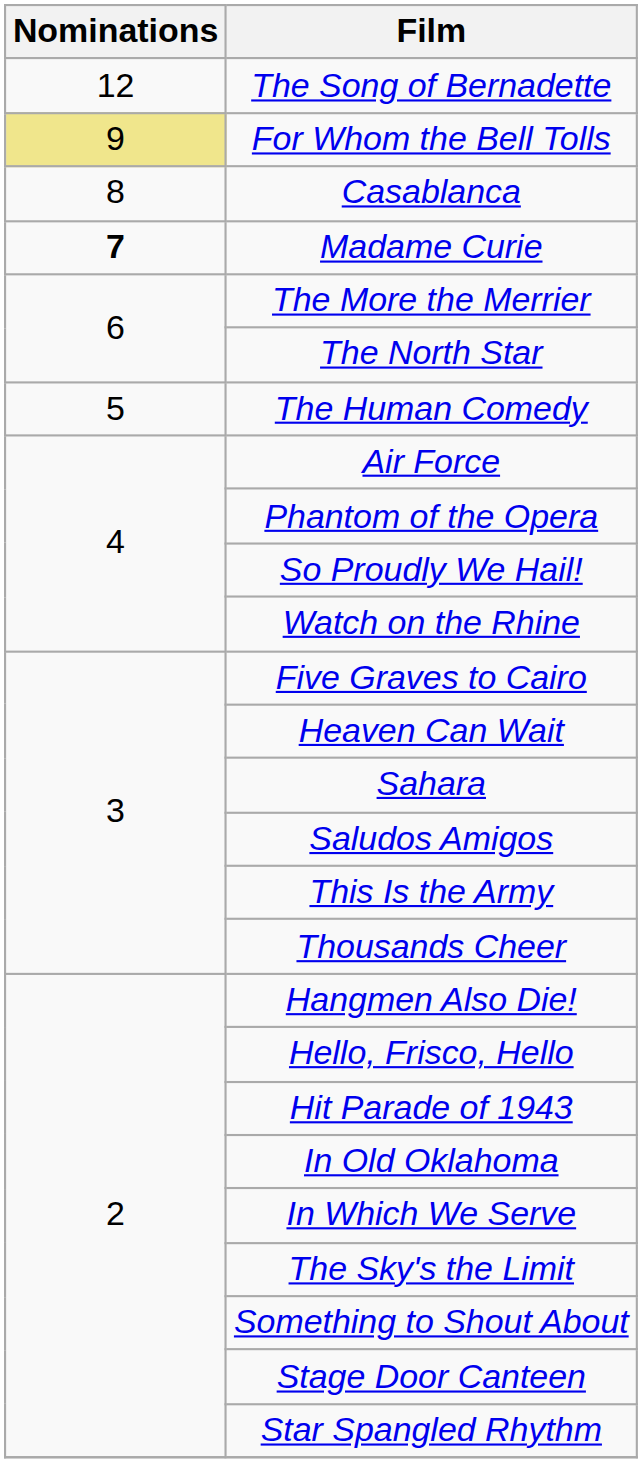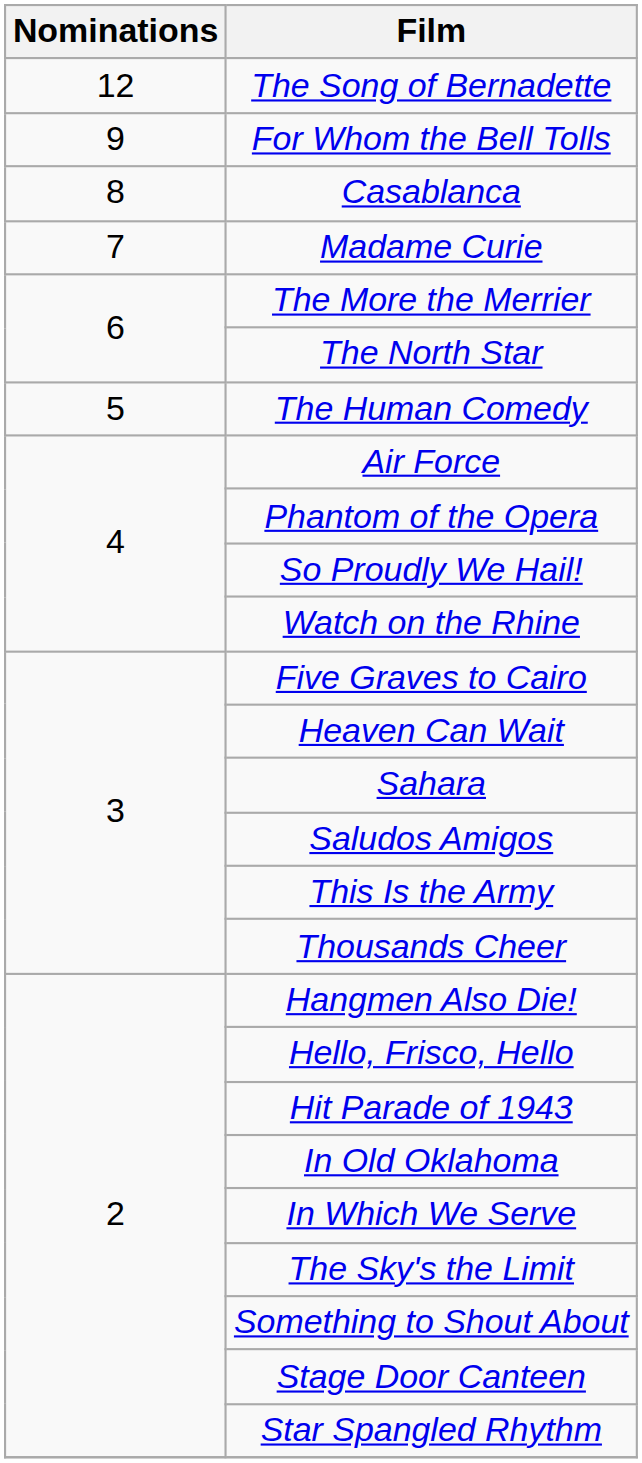 <table class="wikitable" rowspan="2" style="text-align:center;">
 <tr>
 <th scope="col" style="width:55px;">Nominations</th>
 <th scope="col" style="text-align:center;">Film</th>
 </tr>
 <tr>
 <td rowspan="1" style="text-align:center">12</td>
 <td><em><a href='#'>The Song of Bernadette</a></em></td>
 </tr>
 <tr>
-<td rowspan="1" style="background: khaki; text-align:center">9</td>
+<td rowspan="1" style="text-align:center">9</td>
 <td><em><a href='#'>For Whom the Bell Tolls</a></em></td>
 </tr>
 <tr>
 <td rowspan="1" style="text-align:center">8</td>
 <td><em><a href='#'>Casablanca</a></em></td>
 </tr>
 <tr>
-<td rowspan="1" style="text-align:center"><strong>7</strong></td>
+<td rowspan="1" style="text-align:center">7</td>
 <td><em><a href='#'>Madame Curie</a></em></td>
 </tr>
 <tr>
 <td rowspan="2" style="text-align:center">6</td>
 <td><em><a href='#'>The More the Merrier</a></em></td>
 </tr>
 <tr>
 <td><em><a href='#'>The North Star</a></em></td>
 </tr>
 <tr>
 <td rowspan="1" style="text-align:center">5</td>
 <td><em><a href='#'>The Human Comedy</a></em></td>
 </tr>
 <tr>
 <td rowspan="4" style="text-align:center">4</td>
 <td><em><a href='#'>Air Force</a></em></td>
 </tr>
 <tr>
 <td><em><a href='#'>Phantom of the Opera</a></em></td>
 </tr>
 <tr>
 <td><em><a href='#'>So Proudly We Hail!</a></em></td>
 </tr>
 <tr>
 <td><em><a href='#'>Watch on the Rhine</a></em></td>
 </tr>
 <tr>
 <td rowspan="6" style="text-align:center">3</td>
 <td><em><a href='#'>Five Graves to Cairo</a></em></td>
 </tr>
 <tr>
 <td><em><a href='#'>Heaven Can Wait</a></em></td>
 </tr>
 <tr>
 <td><em><a href='#'>Sahara</a></em></td>
 </tr>
 <tr>
 <td><em><a href='#'>Saludos Amigos</a></em></td>
 </tr>
 <tr>
 <td><em><a href='#'>This Is the Army</a></em></td>
 </tr>
 <tr>
 <td><em><a href='#'>Thousands Cheer</a></em></td>
 </tr>
 <tr>
 <td rowspan="9" style="text-align:center">2</td>
 <td><em><a href='#'>Hangmen Also Die!</a></em></td>
 </tr>
 <tr>
 <td><em><a href='#'>Hello, Frisco, Hello</a></em></td>
 </tr>
 <tr>
 <td><em><a href='#'>Hit Parade of 1943</a></em></td>
 </tr>
 <tr>
 <td><em><a href='#'>In Old Oklahoma</a></em></td>
 </tr>
 <tr>
 <td><em><a href='#'>In Which We Serve</a></em></td>
 </tr>
 <tr>
 <td><em><a href='#'>The Sky's the Limit</a></em></td>
 </tr>
 <tr>
 <td><em><a href='#'>Something to Shout About</a></em></td>
 </tr>
 <tr>
 <td><em><a href='#'>Stage Door Canteen</a></em></td>
 </tr>
 <tr>
 <td><em><a href='#'>Star Spangled Rhythm</a></em></td>
 </tr>
 <tr>
 </tr>
 </table>
